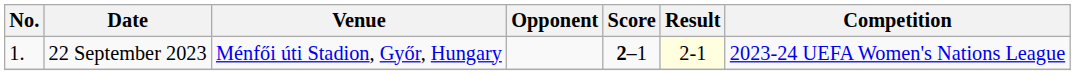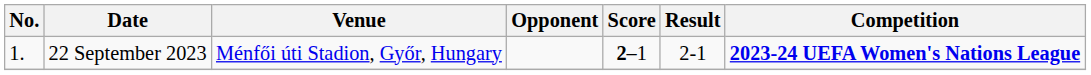 <table class="wikitable">
 <tr>
 <th>No.</th>
 <th>Date</th>
 <th>Venue</th>
 <th>Opponent</th>
 <th>Score</th>
 <th>Result</th>
 <th>Competition</th>
 </tr>
 <tr>
 <td>1.</td>
 <td>22 September 2023</td>
 <td><a href='#'>Ménfői úti Stadion</a>, <a href='#'>Győr</a>, <a href='#'>Hungary</a></td>
 <td></td>
 <td align=center><strong>2</strong>–1</td>
-<td align=center style="background: lightyellow;">2-1</td>
-<td><a href='#'>2023-24 UEFA Women's Nations League</a></td>
+<td align=center>2-1</td>
+<td><strong><a href='#'>2023-24 UEFA Women's Nations League</a></strong></td>
 </tr>
 <tr>
 </tr>
 </table>
